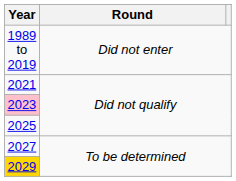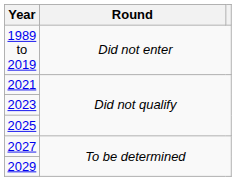 <table class="wikitable" style="text-align: center; font-size:90%">
 <tr>
 <th>Year</th>
 <th style="width:200px">Round</th>
 <th></th>
 </tr>
 <tr>
 <td><a href='#'>1989</a><br>to<br><a href='#'>2019</a></td>
 <td colspan="2"><em>Did not enter</em></td>
 </tr>
 <tr>
 <td><a href='#'>2021</a></td>
 <td colspan="2" rowspan="3"><em>Did not qualify</em></td>
 </tr>
 <tr>
-<td style="background: pink;"><a href='#'>2023</a></td>
+<td><a href='#'>2023</a></td>
 </tr>
 <tr>
 <td><a href='#'>2025</a></td>
 </tr>
 <tr>
 <td><a href='#'>2027</a></td>
 <td colspan="2" rowspan="2"><em>To be determined</em></td>
 </tr>
 <tr>
-<td style="background: gold;"><a href='#'>2029</a></td>
+<td><a href='#'>2029</a></td>
 </tr>
 </table>
